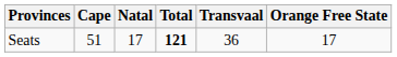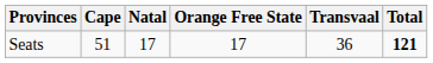 <table class="wikitable">
 <tr>
 <th>Provinces</th>
 <th>Cape</th>
 <th>Natal</th>
+<th>Orange Free State</th>
+<th>Transvaal</th>
 <th>Total</th>
-<th>Transvaal</th>
-<th>Orange Free State</th>
 </tr>
 <tr>
 <td>Seats</td>
 <td align="center">51</td>
 <td align="center">17</td>
+<td align="center">17</td>
+<td align="center">36</td>
 <td align="center"><strong>121</strong></td>
-<td align="center">36</td>
-<td align="center">17</td>
 </tr>
 </table>
